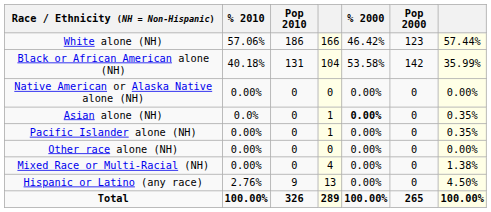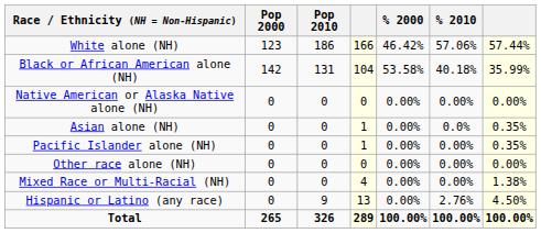 <table class="wikitable" style="text-align:center;">
 <tr>
 <th>Race / Ethnicity <small>(<em>NH = Non-Hispanic</em>)</small></th>
-<th>% 2010</th>
+<th>Pop 2000</th>
 <th>Pop 2010</th>
 <th></th>
 <th>% 2000</th>
-<th>Pop 2000</th>
+<th>% 2010</th>
 <th></th>
 </tr>
 <tr>
 <td><a href='#'>White</a> alone (NH)</td>
-<td>57.06%</td>
+<td>123</td>
 <td>186</td>
 <td style='background: #ffffe6;'>166</td>
 <td>46.42%</td>
-<td>123</td>
+<td>57.06%</td>
 <td style='background: #ffffe6;'>57.44%</td>
 </tr>
 <tr>
 <td><a href='#'>Black or African American</a> alone (NH)</td>
-<td>40.18%</td>
+<td>142</td>
 <td>131</td>
 <td style='background: #ffffe6;'>104</td>
 <td>53.58%</td>
-<td>142</td>
+<td>40.18%</td>
 <td style='background: #ffffe6;'>35.99%</td>
 </tr>
 <tr>
 <td><a href='#'>Native American</a> or <a href='#'>Alaska Native</a> alone (NH)</td>
-<td>0.00%</td>
+<td>0</td>
 <td>0</td>
 <td style='background: #ffffe6;'>0</td>
 <td>0.00%</td>
-<td>0</td>
+<td>0.00%</td>
 <td style='background: #ffffe6;'>0.00%</td>
 </tr>
 <tr>
 <td><a href='#'>Asian</a> alone (NH)</td>
-<td>0.0%</td>
+<td>0</td>
 <td>0</td>
 <td style='background: #ffffe6;'>1</td>
-<td><strong>0.00%</strong></td>
-<td>0</td>
+<td>0.00%</td>
+<td>0.0%</td>
 <td style='background: #ffffe6;'>0.35%</td>
 </tr>
 <tr>
 <td><a href='#'>Pacific Islander</a> alone (NH)</td>
-<td>0.00%</td>
+<td>0</td>
 <td>0</td>
 <td style='background: #ffffe6;'>1</td>
 <td>0.00%</td>
-<td>0</td>
+<td>0.00%</td>
 <td style='background: #ffffe6;'>0.35%</td>
 </tr>
 <tr>
 <td><a href='#'>Other race</a> alone (NH)</td>
-<td>0.00%</td>
+<td>0</td>
 <td>0</td>
 <td style='background: #ffffe6;'>0</td>
 <td>0.00%</td>
-<td>0</td>
+<td>0.00%</td>
 <td style='background: #ffffe6;'>0.00%</td>
 </tr>
 <tr>
 <td><a href='#'>Mixed Race or Multi-Racial</a> (NH)</td>
-<td>0.00%</td>
+<td>0</td>
 <td>0</td>
 <td style='background: #ffffe6;'>4</td>
 <td>0.00%</td>
-<td>0</td>
+<td>0.00%</td>
 <td style='background: #ffffe6;'>1.38%</td>
 </tr>
 <tr>
 <td><a href='#'>Hispanic or Latino</a> (any race)</td>
-<td>2.76%</td>
+<td>0</td>
 <td>9</td>
 <td style='background: #ffffe6;'>13</td>
 <td>0.00%</td>
-<td>0</td>
+<td>2.76%</td>
 <td style='background: #ffffe6;'>4.50%</td>
 </tr>
 <tr>
 <td><strong>Total</strong></td>
-<td><strong>100.00%</strong></td>
+<td><strong>265</strong></td>
 <td><strong>326</strong></td>
 <td style='background: #ffffe6;'><strong>289</strong></td>
 <td><strong>100.00%</strong></td>
-<td><strong>265</strong></td>
+<td><strong>100.00%</strong></td>
 <td style='background: #ffffe6;'><strong>100.00%</strong></td>
 </tr>
 </table>
